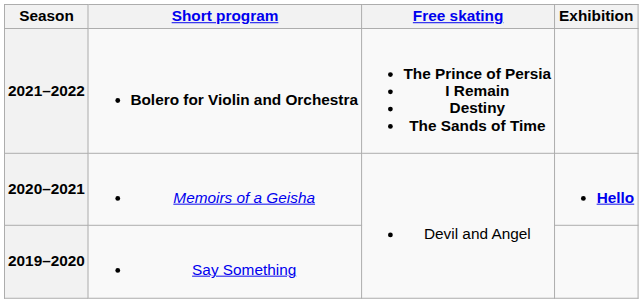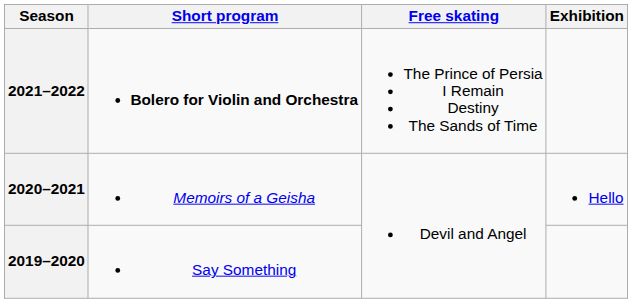 <table class=wikitable style=text-align:center>
 <tr>
 <th>Season</th>
 <th><a href='#'>Short program</a></th>
 <th><a href='#'>Free skating</a></th>
 <th>Exhibition</th>
 </tr>
 <tr>
 <th>2021–2022 <br> </th>
 <td><strong><br><ul><li>Bolero for Violin and Orchestra <br> </li></ul></strong></td>
-<td><strong><br><ul><li>The Prince of Persia</li><li>I Remain <br> </li><li>Destiny</li><li>The Sands of Time <br> </li></ul></strong></td>
+<td><br><ul><li>The Prince of Persia</li><li>I Remain <br> </li><li>Destiny</li><li>The Sands of Time <br> </li></ul></td>
 </tr>
 <tr>
 <th>2020–2021 <br> </th>
 <td><br><ul><li><em><a href='#'>Memoirs of a Geisha</a></em> <br> </li></ul></td>
 <td rowspan=2><br><ul><li>Devil and Angel <br> </li></ul></td>
-<td><strong><br><ul><li><a href='#'>Hello</a> <br> </li></ul></strong></td>
+<td><br><ul><li><a href='#'>Hello</a> <br> </li></ul></td>
 </tr>
 <tr>
 <th>2019–2020</th>
 <td><br><ul><li><a href='#'>Say Something</a> <br> </li></ul></td>
 <td></td>
 </tr>
 </table>
